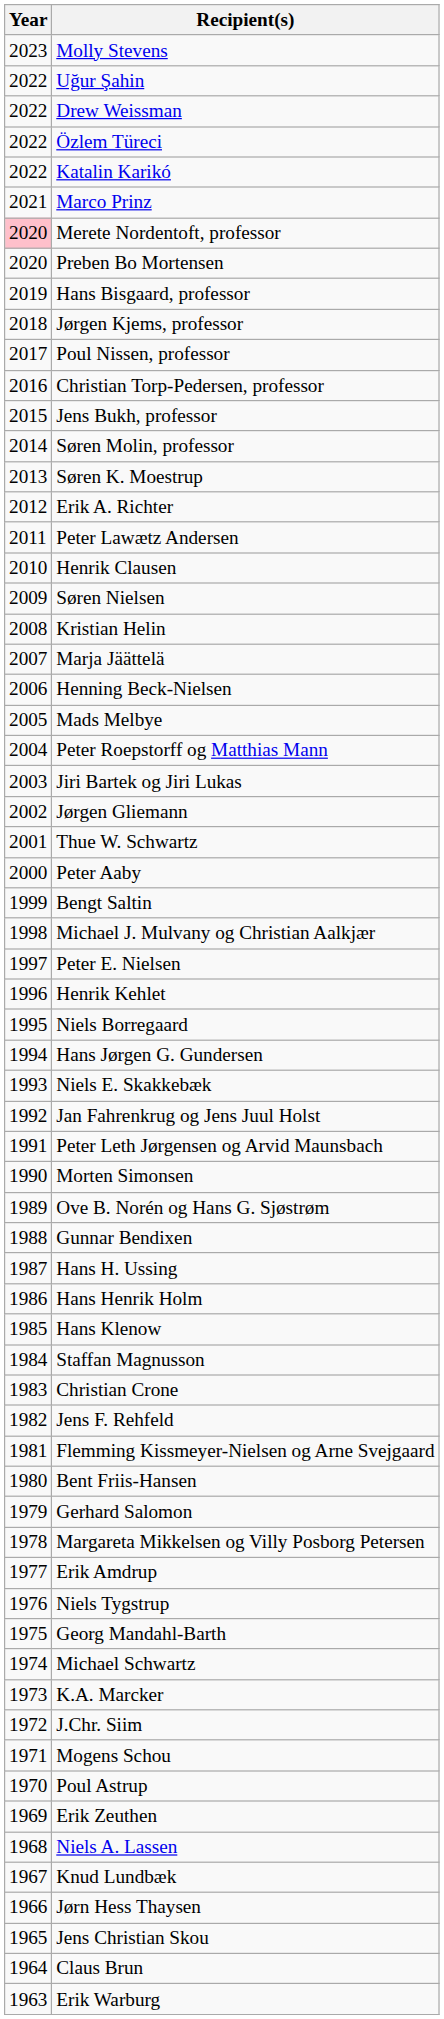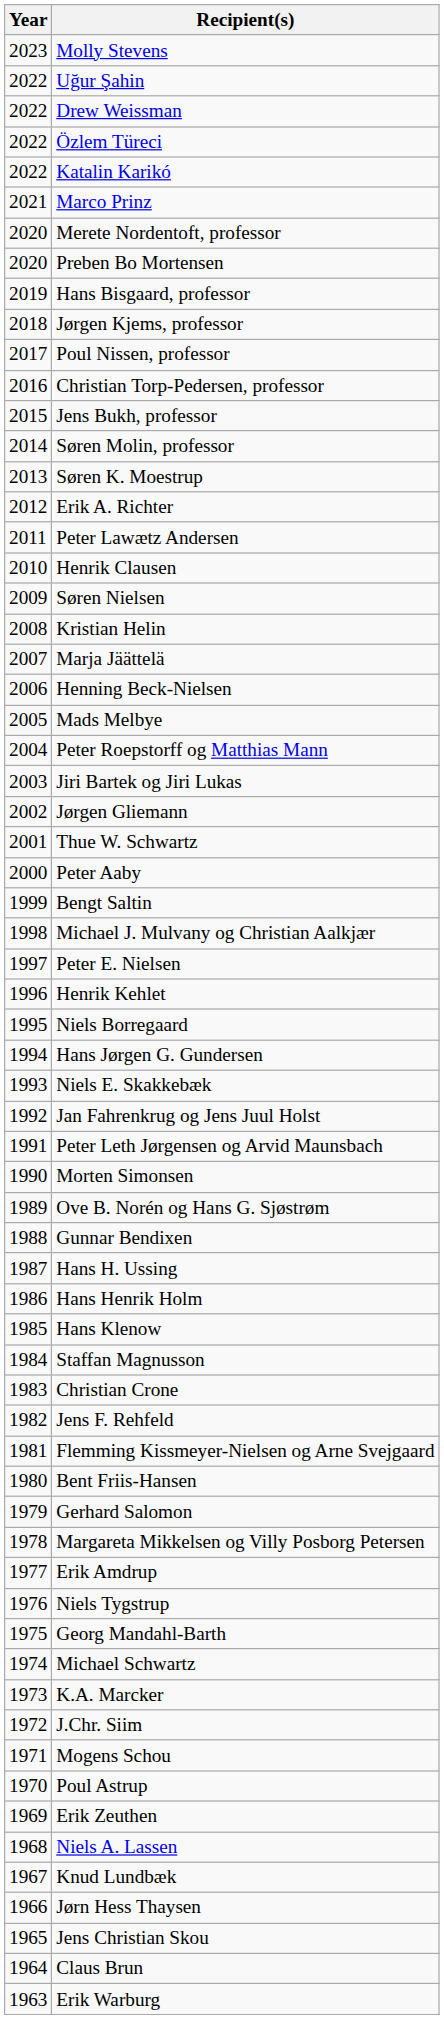 <table class="wikitable sortable">
 <tr>
 <th>Year</th>
 <th>Recipient(s)</th>
 </tr>
 <tr>
 <td>2023</td>
 <td><a href='#'>Molly Stevens</a></td>
 </tr>
 <tr>
 <td>2022</td>
 <td><a href='#'>Uğur Şahin</a></td>
 </tr>
 <tr>
 <td>2022</td>
 <td><a href='#'>Drew Weissman</a></td>
 </tr>
 <tr>
 <td>2022</td>
 <td><a href='#'>Özlem Türeci</a></td>
 </tr>
 <tr>
 <td>2022</td>
 <td><a href='#'>Katalin Karikó</a></td>
 </tr>
 <tr>
 <td>2021</td>
 <td><a href='#'>Marco Prinz</a></td>
 </tr>
 <tr>
-<td style="background: pink;">2020</td>
+<td>2020</td>
 <td>Merete Nordentoft, professor</td>
 </tr>
 <tr>
 <td>2020</td>
 <td>Preben Bo Mortensen</td>
 </tr>
 <tr>
 <td>2019</td>
 <td>Hans Bisgaard, professor</td>
 </tr>
 <tr>
 <td>2018</td>
 <td>Jørgen Kjems, professor</td>
 </tr>
 <tr>
 <td>2017</td>
 <td>Poul Nissen, professor</td>
 </tr>
 <tr>
 <td>2016</td>
 <td>Christian Torp-Pedersen, professor</td>
 </tr>
 <tr>
 <td>2015</td>
 <td>Jens Bukh, professor</td>
 </tr>
 <tr>
 <td>2014</td>
 <td>Søren Molin, professor</td>
 </tr>
 <tr>
 <td>2013</td>
 <td>Søren K. Moestrup</td>
 </tr>
 <tr>
 <td>2012</td>
 <td>Erik A. Richter</td>
 </tr>
 <tr>
 <td>2011</td>
 <td>Peter Lawætz Andersen</td>
 </tr>
 <tr>
 <td>2010</td>
 <td>Henrik Clausen</td>
 </tr>
 <tr>
 <td>2009</td>
 <td>Søren Nielsen</td>
 </tr>
 <tr>
 <td>2008</td>
 <td>Kristian Helin</td>
 </tr>
 <tr>
 <td>2007</td>
 <td>Marja Jäättelä</td>
 </tr>
 <tr>
 <td>2006</td>
 <td>Henning Beck-Nielsen</td>
 </tr>
 <tr>
 <td>2005</td>
 <td>Mads Melbye</td>
 </tr>
 <tr>
 <td>2004</td>
 <td>Peter Roepstorff og <a href='#'>Matthias Mann</a></td>
 </tr>
 <tr>
 <td>2003</td>
 <td>Jiri Bartek og Jiri Lukas</td>
 </tr>
 <tr>
 <td>2002</td>
 <td>Jørgen Gliemann</td>
 </tr>
 <tr>
 <td>2001</td>
 <td>Thue W. Schwartz</td>
 </tr>
 <tr>
 <td>2000</td>
 <td>Peter Aaby</td>
 </tr>
 <tr>
 <td>1999</td>
 <td>Bengt Saltin</td>
 </tr>
 <tr>
 <td>1998</td>
 <td>Michael J. Mulvany og Christian Aalkjær</td>
 </tr>
 <tr>
 <td>1997</td>
 <td>Peter E. Nielsen</td>
 </tr>
 <tr>
 <td>1996</td>
 <td>Henrik Kehlet</td>
 </tr>
 <tr>
 <td>1995</td>
 <td>Niels Borregaard</td>
 </tr>
 <tr>
 <td>1994</td>
 <td>Hans Jørgen G. Gundersen</td>
 </tr>
 <tr>
 <td>1993</td>
 <td>Niels E. Skakkebæk</td>
 </tr>
 <tr>
 <td>1992</td>
 <td>Jan Fahrenkrug og Jens Juul Holst</td>
 </tr>
 <tr>
 <td>1991</td>
 <td>Peter Leth Jørgensen og Arvid Maunsbach</td>
 </tr>
 <tr>
 <td>1990</td>
 <td>Morten Simonsen</td>
 </tr>
 <tr>
 <td>1989</td>
 <td>Ove B. Norén og Hans G. Sjøstrøm</td>
 </tr>
 <tr>
 <td>1988</td>
 <td>Gunnar Bendixen</td>
 </tr>
 <tr>
 <td>1987</td>
 <td>Hans H. Ussing</td>
 </tr>
 <tr>
 <td>1986</td>
 <td>Hans Henrik Holm</td>
 </tr>
 <tr>
 <td>1985</td>
 <td>Hans Klenow</td>
 </tr>
 <tr>
 <td>1984</td>
 <td>Staffan Magnusson</td>
 </tr>
 <tr>
 <td>1983</td>
 <td>Christian Crone</td>
 </tr>
 <tr>
 <td>1982</td>
 <td>Jens F. Rehfeld</td>
 </tr>
 <tr>
 <td>1981</td>
 <td>Flemming Kissmeyer-Nielsen og Arne Svejgaard</td>
 </tr>
 <tr>
 <td>1980</td>
 <td>Bent Friis-Hansen</td>
 </tr>
 <tr>
 <td>1979</td>
 <td>Gerhard Salomon</td>
 </tr>
 <tr>
 <td>1978</td>
 <td>Margareta Mikkelsen og Villy Posborg Petersen</td>
 </tr>
 <tr>
 <td>1977</td>
 <td>Erik Amdrup</td>
 </tr>
 <tr>
 <td>1976</td>
 <td>Niels Tygstrup</td>
 </tr>
 <tr>
 <td>1975</td>
 <td>Georg Mandahl-Barth</td>
 </tr>
 <tr>
 <td>1974</td>
 <td>Michael Schwartz</td>
 </tr>
 <tr>
 <td>1973</td>
 <td>K.A. Marcker</td>
 </tr>
 <tr>
 <td>1972</td>
 <td>J.Chr. Siim</td>
 </tr>
 <tr>
 <td>1971</td>
 <td>Mogens Schou</td>
 </tr>
 <tr>
 <td>1970</td>
 <td>Poul Astrup</td>
 </tr>
 <tr>
 <td>1969</td>
 <td>Erik Zeuthen</td>
 </tr>
 <tr>
 <td>1968</td>
 <td><a href='#'>Niels A. Lassen</a></td>
 </tr>
 <tr>
 <td>1967</td>
 <td>Knud Lundbæk</td>
 </tr>
 <tr>
 <td>1966</td>
 <td>Jørn Hess Thaysen</td>
 </tr>
 <tr>
 <td>1965</td>
 <td>Jens Christian Skou</td>
 </tr>
 <tr>
 <td>1964</td>
 <td>Claus Brun</td>
 </tr>
 <tr>
 <td>1963</td>
 <td>Erik Warburg</td>
 </tr>
 </table>
